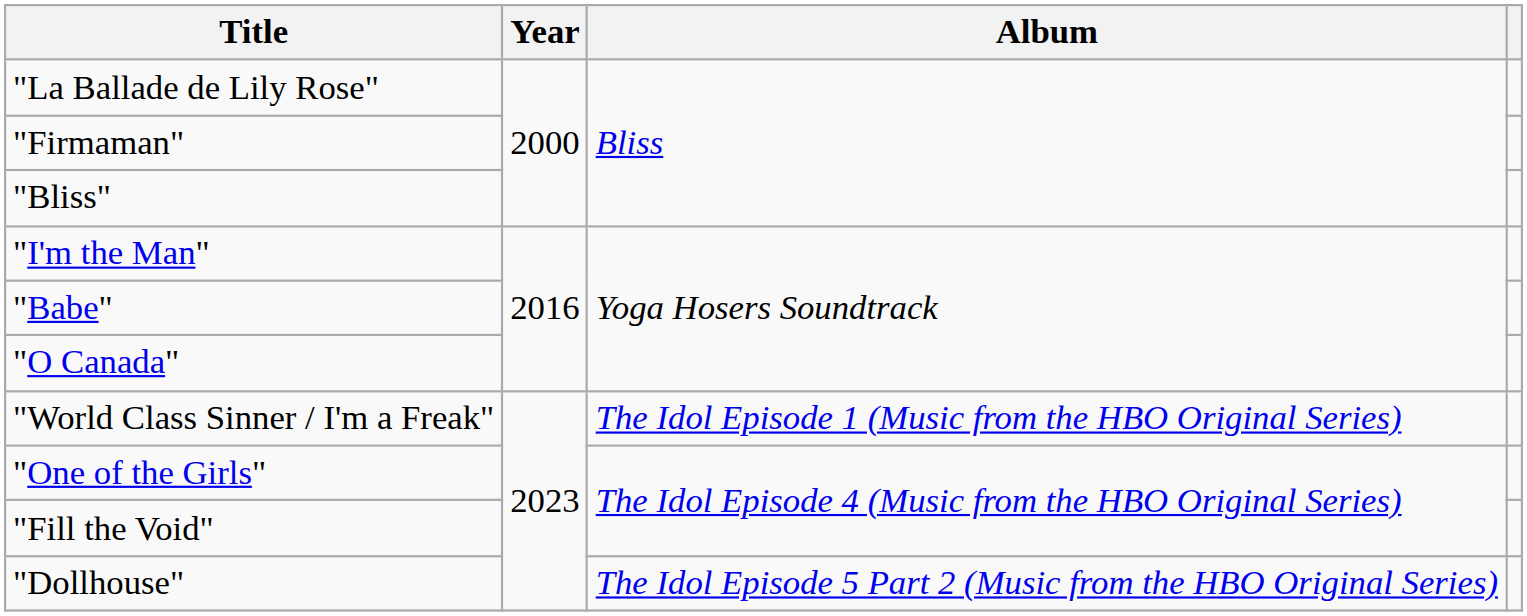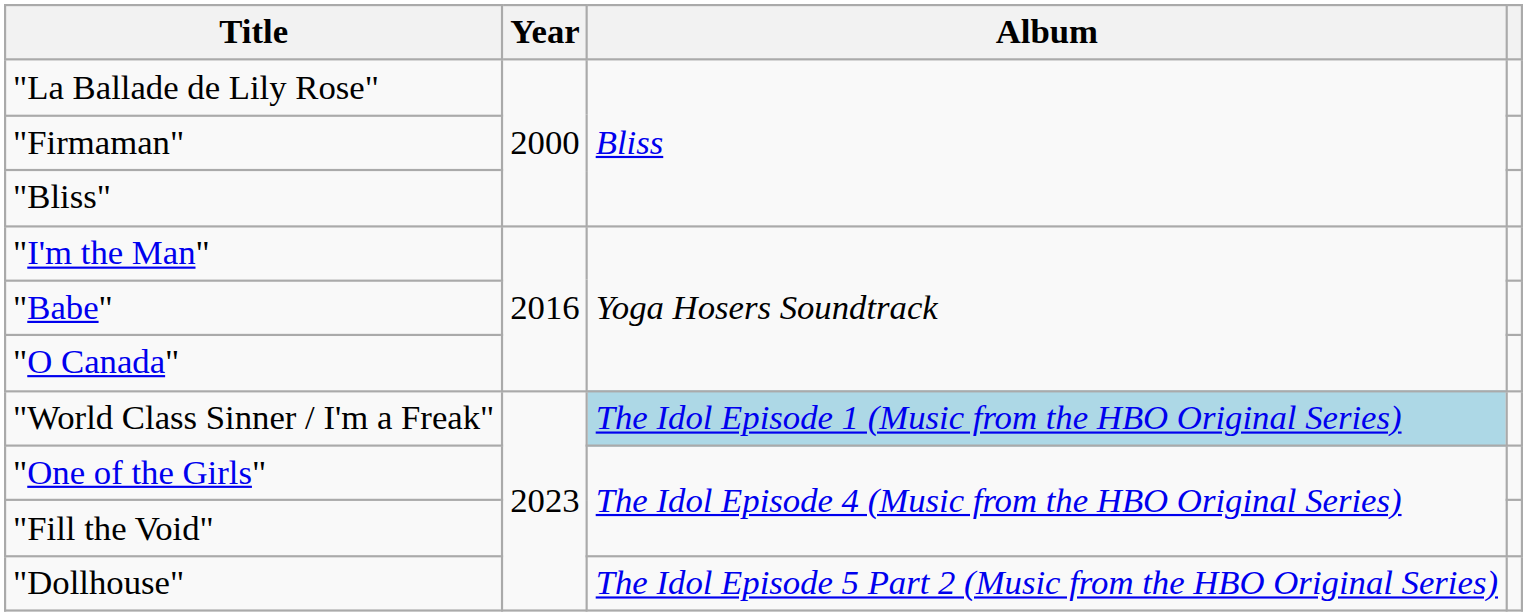 <table class="wikitable sortable">
 <tr>
 <th>Title</th>
 <th>Year</th>
 <th>Album</th>
 <th class="unsortable"></th>
 </tr>
 <tr>
 <td>"La Ballade de Lily Rose"</td>
 <td rowspan="3">2000</td>
 <td rowspan=3><em><a href='#'>Bliss</a></em></td>
 <td></td>
 </tr>
 <tr>
 <td>"Firmaman"</td>
 <td></td>
 </tr>
 <tr>
 <td>"Bliss"</td>
 <td></td>
 </tr>
 <tr>
 <td>"<a href='#'>I'm the Man</a>" </td>
 <td rowspan="3">2016</td>
 <td rowspan=3><em>Yoga Hosers Soundtrack</em></td>
 <td></td>
 </tr>
 <tr>
 <td>"<a href='#'>Babe</a>" </td>
 <td></td>
 </tr>
 <tr>
 <td>"<a href='#'>O Canada</a>" </td>
 <td></td>
 </tr>
 <tr>
 <td>"World Class Sinner / I'm a Freak"</td>
 <td rowspan="4">2023</td>
-<td><em><a href='#'>The Idol Episode 1 (Music from the HBO Original Series)</a></em></td>
+<td style="background: lightblue;"><em><a href='#'>The Idol Episode 1 (Music from the HBO Original Series)</a></em></td>
 <td></td>
 </tr>
 <tr>
 <td>"<a href='#'>One of the Girls</a>" </td>
 <td rowspan="2"><em><a href='#'>The Idol Episode 4 (Music from the HBO Original Series)</a></em></td>
 <td></td>
 </tr>
 <tr>
 <td>"Fill the Void" </td>
 <td></td>
 </tr>
 <tr>
 <td>"Dollhouse" </td>
 <td><em><a href='#'>The Idol Episode 5 Part 2 (Music from the HBO Original Series)</a></em></td>
 <td></td>
 </tr>
 </table>
